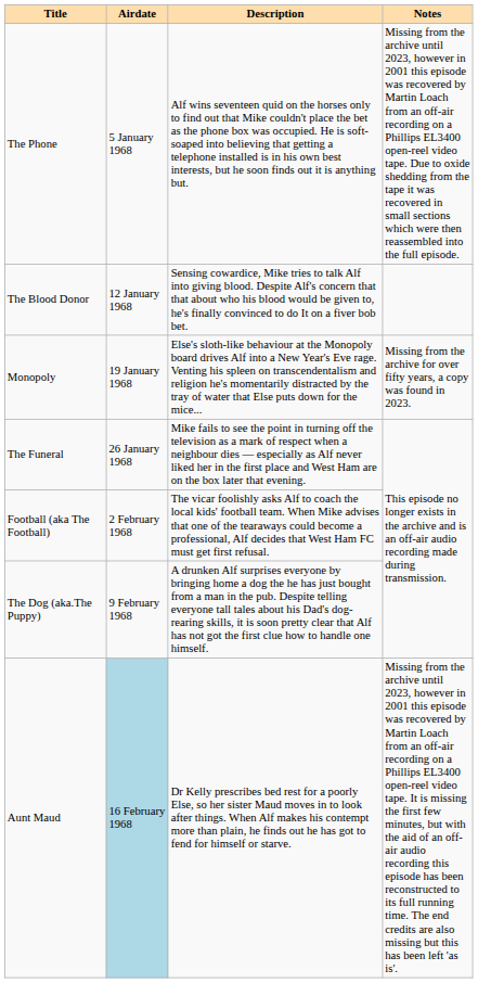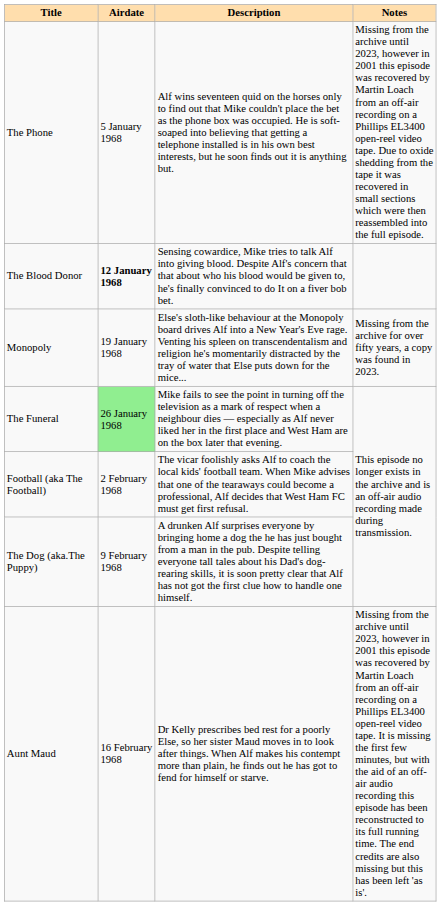 <table class="wikitable" border=1 style="font-size: 94%">
 <tr>
 <th style="background:#ffdead" width=18%>Title</th>
 <th style="background:#ffdead" width=11%>Airdate</th>
 <th style="background:#ffdead" width=38%>Description</th>
 <th style="background:#ffdead" width=16%>Notes</th>
 </tr>
 <tr>
 <td>The Phone</td>
 <td>5 January 1968</td>
 <td>Alf wins seventeen quid on the horses only to find out that Mike couldn't place the bet as the phone box was occupied. He is soft-soaped into believing that getting a telephone installed is in his own best interests, but he soon finds out it is anything but.</td>
 <td>Missing from the archive until 2023, however in 2001 this episode was recovered by Martin Loach from an off-air recording on a Phillips EL3400 open-reel video tape. Due to oxide shedding from the tape it was recovered in small sections which were then reassembled into the full episode.</td>
 </tr>
 <tr>
 <td>The Blood Donor</td>
-<td>12 January 1968</td>
+<td><strong>12 January 1968</strong></td>
 <td>Sensing cowardice, Mike tries to talk Alf into giving blood. Despite Alf's concern that that about who his blood would be given to, he's finally convinced to do It on a fiver bob bet.</td>
 <td></td>
 </tr>
 <tr>
 <td>Monopoly</td>
 <td>19 January 1968</td>
 <td>Else's sloth-like behaviour at the Monopoly board drives Alf into a New Year's Eve rage. Venting his spleen on transcendentalism and religion he's momentarily distracted by the tray of water that Else puts down for the mice...</td>
 <td>Missing from the archive for over fifty years, a copy was found in 2023.</td>
 </tr>
 <tr>
 <td>The Funeral</td>
-<td>26 January 1968</td>
+<td style="background: lightgreen;">26 January 1968</td>
 <td>Mike fails to see the point in turning off the television as a mark of respect when a neighbour dies — especially as Alf never liked her in the first place and West Ham are on the box later that evening.</td>
 <td rowspan="3">This episode no longer exists in the archive and is an off-air audio recording made during transmission.</td>
 </tr>
 <tr>
 <td>Football (aka The Football)</td>
 <td>2 February 1968</td>
 <td>The vicar foolishly asks Alf to coach the local kids' football team. When Mike advises that one of the tearaways could become a professional, Alf decides that West Ham FC must get first refusal.</td>
 </tr>
 <tr>
 <td>The Dog (aka.The Puppy)</td>
 <td>9 February 1968</td>
 <td>A drunken Alf surprises everyone by bringing home a dog the he has just bought from a man in the pub. Despite telling everyone tall tales about his Dad's dog-rearing skills, it is soon pretty clear that Alf has not got the first clue how to handle one himself.</td>
 </tr>
 <tr>
 <td>Aunt Maud</td>
-<td style="background: lightblue;">16 February 1968</td>
+<td>16 February 1968</td>
 <td>Dr Kelly prescribes bed rest for a poorly Else, so her sister Maud moves in to look after things. When Alf makes his contempt more than plain, he finds out he has got to fend for himself or starve.</td>
 <td>Missing from the archive until 2023, however in 2001 this episode was recovered by Martin Loach from an off-air recording on a Phillips EL3400 open-reel video tape. It is missing the first few minutes, but with the aid of an off-air audio recording this episode has been reconstructed to its full running time. The end credits are also missing but this has been left 'as is'.</td>
 </tr>
 </table>
